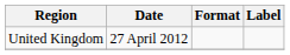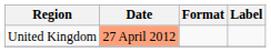 <table class=wikitable>
 <tr>
 <th>Region</th>
 <th>Date</th>
 <th>Format</th>
 <th>Label</th>
 </tr>
 <tr>
 <td>United Kingdom</td>
-<td>27 April 2012</td>
+<td style="background: lightsalmon;">27 April 2012</td>
 <td></td>
 <td></td>
 </tr>
 <tr>
 </tr>
 </table>
